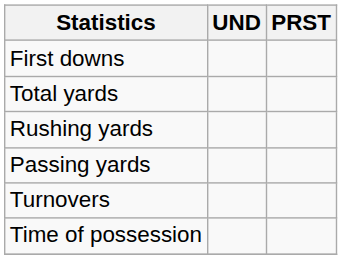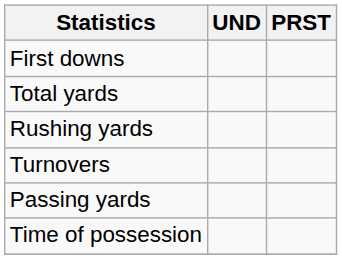 <table class="wikitable" style="float: left;">
 <tr>
 <th>Statistics</th>
 <th>UND</th>
 <th>PRST</th>
 </tr>
 <tr>
 <td>First downs</td>
 <td></td>
 <td></td>
 </tr>
 <tr>
 <td>Total yards</td>
 <td></td>
 <td></td>
 </tr>
 <tr>
 <td>Rushing yards</td>
 <td></td>
 <td></td>
 </tr>
 <tr>
-<td>Passing yards</td>
+<td>Turnovers</td>
 <td></td>
 <td></td>
 </tr>
 <tr>
-<td>Turnovers</td>
+<td>Passing yards</td>
 <td></td>
 <td></td>
 </tr>
 <tr>
 <td>Time of possession</td>
 <td></td>
 <td></td>
 </tr>
 <tr>
 </tr>
 </table>
